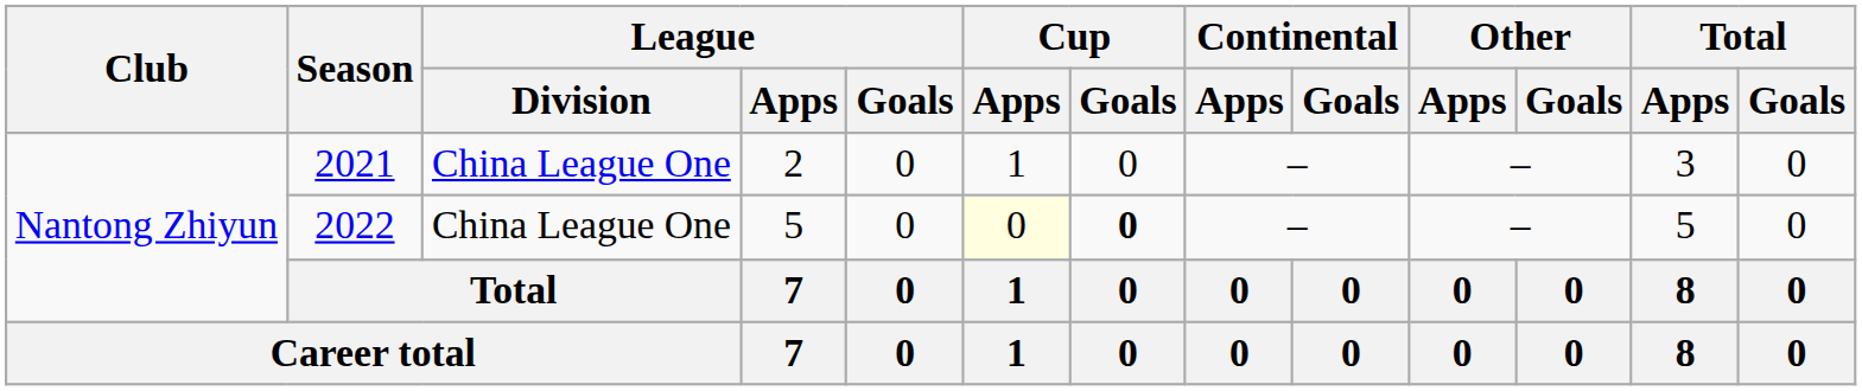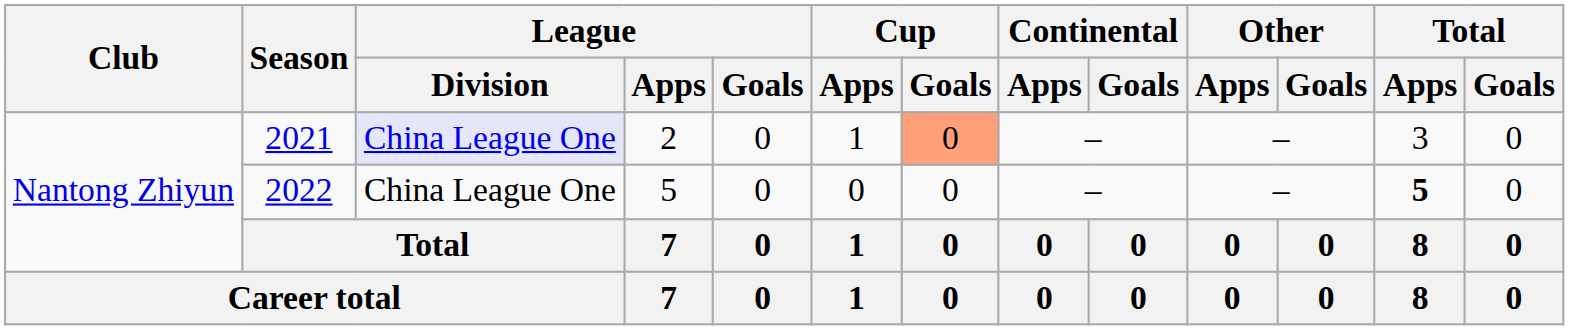 <table class="wikitable" style="text-align: center">
 <tr>
 <th rowspan="2">Club</th>
 <th rowspan="2">Season</th>
 <th colspan="3">League</th>
 <th colspan="2">Cup</th>
 <th colspan="2">Continental</th>
 <th colspan="2">Other</th>
 <th colspan="2">Total</th>
 </tr>
 <tr>
 <th>Division</th>
 <th>Apps</th>
 <th>Goals</th>
 <th>Apps</th>
 <th>Goals</th>
 <th>Apps</th>
 <th>Goals</th>
 <th>Apps</th>
 <th>Goals</th>
 <th>Apps</th>
 <th>Goals</th>
 </tr>
 <tr>
 <td rowspan=3><a href='#'>Nantong Zhiyun</a></td>
 <td><a href='#'>2021</a></td>
-<td><a href='#'>China League One</a></td>
+<td style="background: lavender;"><a href='#'>China League One</a></td>
 <td>2</td>
 <td>0</td>
 <td>1</td>
-<td>0</td>
+<td style="background: lightsalmon;">0</td>
 <td colspan="2">–</td>
 <td colspan="2">–</td>
 <td>3</td>
 <td>0</td>
 </tr>
 <tr>
 <td><a href='#'>2022</a></td>
 <td>China League One</td>
 <td>5</td>
 <td>0</td>
-<td style="background: lightyellow;">0</td>
-<td><strong>0</strong></td>
+<td>0</td>
+<td>0</td>
 <td colspan="2">–</td>
 <td colspan="2">–</td>
-<td>5</td>
+<td><strong>5</strong></td>
 <td>0</td>
 </tr>
 <tr>
 <th colspan=2>Total</th>
 <th>7</th>
 <th>0</th>
 <th>1</th>
 <th>0</th>
 <th>0</th>
 <th>0</th>
 <th>0</th>
 <th>0</th>
 <th>8</th>
 <th>0</th>
 </tr>
 <tr>
 <th colspan=3>Career total</th>
 <th>7</th>
 <th>0</th>
 <th>1</th>
 <th>0</th>
 <th>0</th>
 <th>0</th>
 <th>0</th>
 <th>0</th>
 <th>8</th>
 <th>0</th>
 </tr>
 </table>
